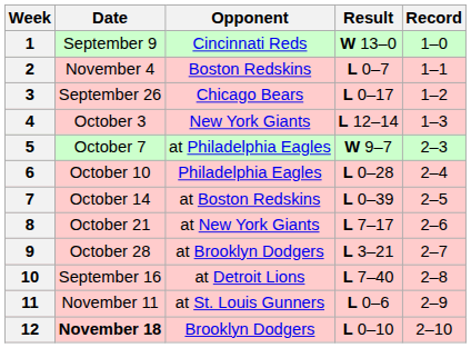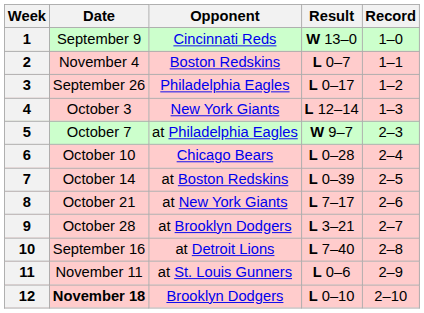 <table class="wikitable" style="text-align:center">
 <tr>
 <th>Week</th>
 <th>Date</th>
 <th>Opponent</th>
 <th>Result</th>
 <th>Record</th>
 </tr>
 <tr style="background:#cfc">
 <th>1</th>
 <td>September 9</td>
 <td><a href='#'>Cincinnati Reds</a></td>
 <td><strong>W</strong> 13–0</td>
 <td>1–0</td>
 </tr>
 <tr style="background:#fcc">
 <th>2</th>
 <td>November 4</td>
 <td><a href='#'>Boston Redskins</a></td>
 <td><strong>L</strong> 0–7</td>
 <td>1–1</td>
 </tr>
 <tr style="background:#fcc">
 <th>3</th>
 <td>September 26</td>
-<td><a href='#'>Chicago Bears</a></td>
+<td><a href='#'>Philadelphia Eagles</a></td>
 <td><strong>L</strong> 0–17</td>
 <td>1–2</td>
 </tr>
 <tr style="background:#fcc">
 <th>4</th>
 <td>October 3</td>
 <td><a href='#'>New York Giants</a></td>
 <td><strong>L</strong> 12–14</td>
 <td>1–3</td>
 </tr>
 <tr style="background:#cfc">
 <th>5</th>
 <td>October 7</td>
 <td>at <a href='#'>Philadelphia Eagles</a></td>
 <td><strong>W</strong> 9–7</td>
 <td>2–3</td>
 </tr>
 <tr style="background:#fcc">
 <th>6</th>
 <td>October 10</td>
-<td><a href='#'>Philadelphia Eagles</a></td>
+<td><a href='#'>Chicago Bears</a></td>
 <td><strong>L</strong> 0–28</td>
 <td>2–4</td>
 </tr>
 <tr style="background:#fcc">
 <th>7</th>
 <td>October 14</td>
 <td>at <a href='#'>Boston Redskins</a></td>
 <td><strong>L</strong> 0–39</td>
 <td>2–5</td>
 </tr>
 <tr style="background:#fcc">
 <th>8</th>
 <td>October 21</td>
 <td>at <a href='#'>New York Giants</a></td>
 <td><strong>L</strong> 7–17</td>
 <td>2–6</td>
 </tr>
 <tr style="background:#fcc">
 <th>9</th>
 <td>October 28</td>
 <td>at <a href='#'>Brooklyn Dodgers</a></td>
 <td><strong>L</strong> 3–21</td>
 <td>2–7</td>
 </tr>
 <tr style="background:#fcc">
 <th>10</th>
 <td>September 16</td>
 <td>at <a href='#'>Detroit Lions</a></td>
 <td><strong>L</strong> 7–40</td>
 <td>2–8</td>
 </tr>
 <tr style="background:#fcc">
 <th>11</th>
 <td>November 11</td>
 <td>at <a href='#'>St. Louis Gunners</a></td>
 <td><strong>L</strong> 0–6</td>
 <td>2–9</td>
 </tr>
 <tr style="background:#fcc">
 <th>12</th>
 <td><strong>November 18</strong></td>
 <td><a href='#'>Brooklyn Dodgers</a></td>
 <td><strong>L</strong> 0–10</td>
 <td>2–10</td>
 </tr>
 </table>
